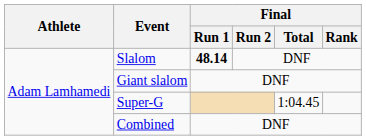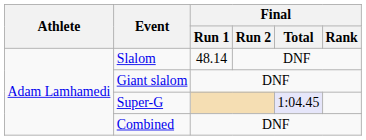 <table class="wikitable">
 <tr>
 <th rowspan="2">Athlete</th>
 <th rowspan="2">Event</th>
 <th colspan="4">Final</th>
 </tr>
 <tr>
 <th>Run 1</th>
 <th>Run 2</th>
 <th>Total</th>
 <th>Rank</th>
 </tr>
 <tr>
 <td rowspan=4><a href='#'>Adam Lamhamedi</a></td>
 <td><a href='#'>Slalom</a></td>
-<td align="center"><strong>48.14</strong></td>
+<td align="center">48.14</td>
 <td align="center" colspan=3>DNF</td>
 </tr>
 <tr>
 <td><a href='#'>Giant slalom</a></td>
 <td align="center" colspan=4>DNF</td>
 </tr>
 <tr>
 <td><a href='#'>Super-G</a></td>
 <td colspan=2 bgcolor="wheat"></td>
-<td align="center">1:04.45</td>
+<td align="center" style="background: lavender;">1:04.45</td>
 <td align="center"></td>
 </tr>
 <tr>
 <td><a href='#'>Combined</a></td>
 <td align="center" colspan=4>DNF</td>
 </tr>
 </table>
